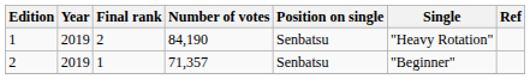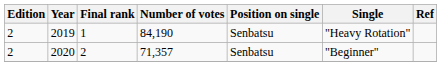 <table class="wikitable sortable">
 <tr>
 <th>Edition</th>
 <th>Year</th>
 <th>Final rank</th>
 <th>Number of votes</th>
 <th>Position on single</th>
 <th>Single</th>
 <th>Ref<br></th>
 </tr>
 <tr>
+<td>2</td>
+<td>2019</td>
 <td>1</td>
-<td>2019</td>
-<td>2</td>
 <td>84,190</td>
 <td>Senbatsu</td>
 <td>"Heavy Rotation"</td>
 <td></td>
 </tr>
 <tr>
 <td>2</td>
-<td>2019</td>
-<td>1</td>
+<td>2020</td>
+<td>2</td>
 <td>71,357</td>
 <td>Senbatsu</td>
 <td>"Beginner"</td>
 <td></td>
 </tr>
 <tr>
 </tr>
 </table>
